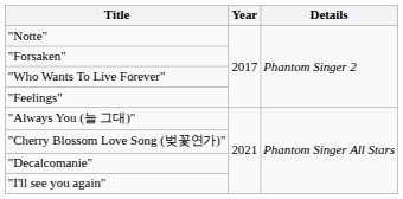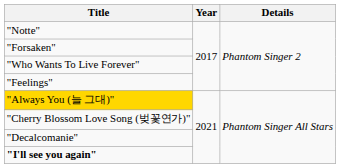 <table class="wikitable">
 <tr>
 <th><strong>Title</strong></th>
 <th><strong>Year</strong></th>
 <th><strong>Details</strong></th>
 </tr>
 <tr>
 <td>"Notte"</td>
 <td rowspan="4">2017</td>
 <td rowspan="4"><em>Phantom Singer 2</em></td>
 </tr>
 <tr>
 <td>"Forsaken"</td>
 </tr>
 <tr>
 <td>"Who Wants To Live Forever"</td>
 </tr>
 <tr>
 <td>"Feelings"</td>
 </tr>
 <tr>
-<td>"Always You (늘 그대)"</td>
+<td style="background: gold;">"Always You (늘 그대)"</td>
 <td rowspan="4">2021</td>
 <td rowspan="4"><em>Phantom Singer All Stars</em></td>
 </tr>
 <tr>
 <td>"Cherry Blossom Love Song (벚꽃연가)"</td>
 </tr>
 <tr>
 <td>"Decalcomanie"</td>
 </tr>
 <tr>
-<td>"I'll see you again"</td>
+<td><strong>"I'll see you again"</strong></td>
 </tr>
 </table>
